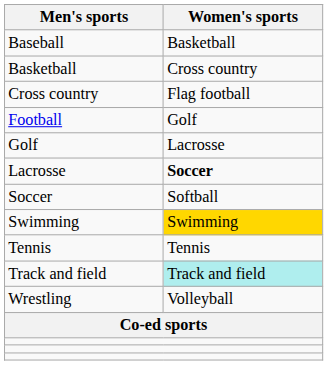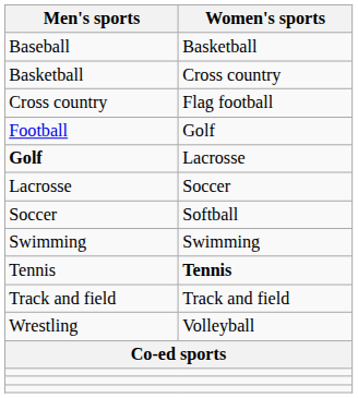 <table class="wikitable"; style= "text-align: ">
 <tr>
 <th width=150px>Men's sports</th>
 <th width=150px>Women's sports</th>
 </tr>
 <tr>
 <td>Baseball</td>
 <td>Basketball</td>
 </tr>
 <tr>
 <td>Basketball</td>
 <td>Cross country</td>
 </tr>
 <tr>
 <td>Cross country</td>
 <td>Flag football</td>
 </tr>
 <tr>
 <td><a href='#'>Football</a></td>
 <td>Golf</td>
 </tr>
 <tr>
-<td>Golf</td>
+<td><strong>Golf</strong></td>
 <td>Lacrosse</td>
 </tr>
 <tr>
 <td>Lacrosse</td>
-<td><strong>Soccer</strong></td>
+<td>Soccer</td>
 </tr>
 <tr>
 <td>Soccer</td>
 <td>Softball</td>
 </tr>
 <tr>
 <td>Swimming</td>
-<td style="background: gold;">Swimming</td>
+<td>Swimming</td>
 </tr>
 <tr>
 <td>Tennis</td>
-<td>Tennis</td>
+<td><strong>Tennis</strong></td>
 </tr>
 <tr>
 <td>Track and field</td>
-<td style="background: paleturquoise;">Track and field</td>
+<td>Track and field</td>
 </tr>
 <tr>
 <td>Wrestling</td>
 <td>Volleyball</td>
 </tr>
 <tr>
 <th colspan=2>Co-ed sports</th>
 </tr>
 <tr>
 <td colspan=2></td>
 </tr>
 <tr>
 <td colspan="2"></td>
 </tr>
 <tr>
 <td colspan=2></td>
 </tr>
 </table>
